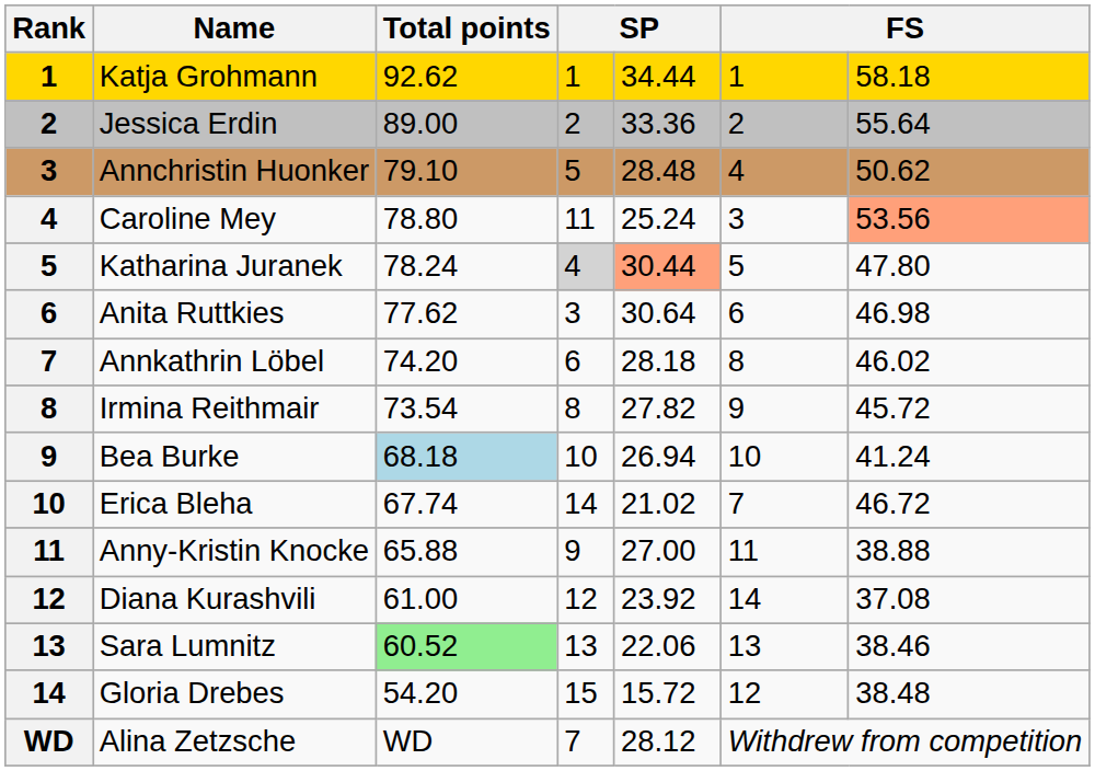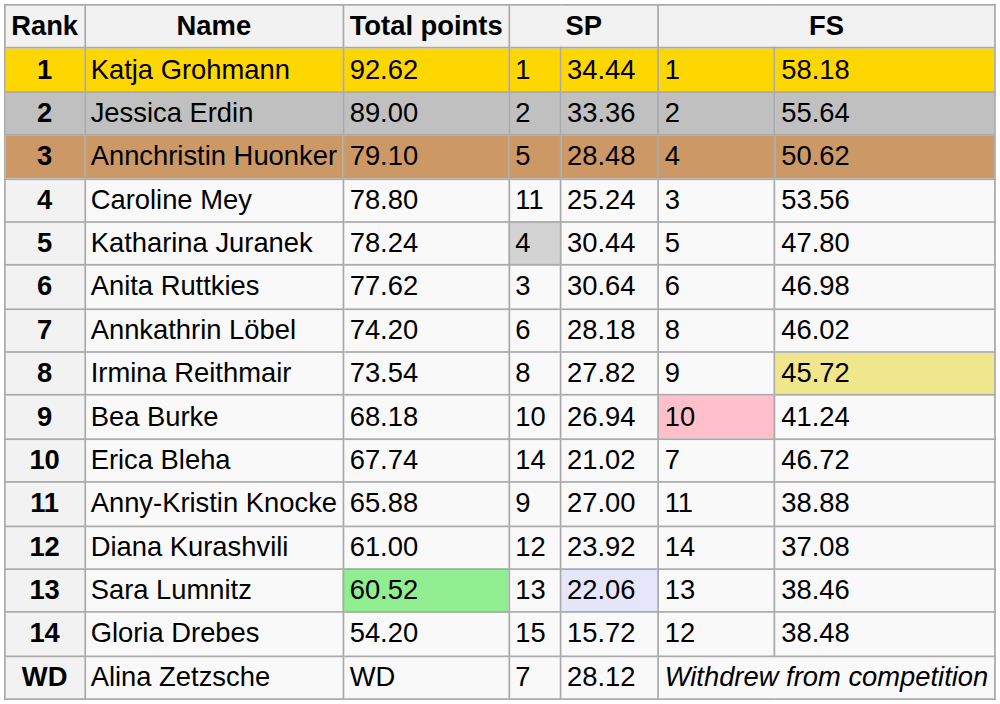 <table class="wikitable">
 <tr>
 <th>Rank</th>
 <th>Name</th>
 <th>Total points</th>
 <th colspan="2" width="80px">SP</th>
 <th colspan="2" width="80px">FS</th>
 </tr>
 <tr bgcolor="gold">
 <td align="center"><strong>1</strong></td>
 <td>Katja Grohmann</td>
 <td>92.62</td>
 <td>1</td>
 <td>34.44</td>
 <td>1</td>
 <td>58.18</td>
 </tr>
 <tr bgcolor="silver">
 <td align="center"><strong>2</strong></td>
 <td>Jessica Erdin</td>
 <td>89.00</td>
 <td>2</td>
 <td>33.36</td>
 <td>2</td>
 <td>55.64</td>
 </tr>
 <tr bgcolor="cc9966">
 <td align="center"><strong>3</strong></td>
 <td>Annchristin Huonker</td>
 <td>79.10</td>
 <td>5</td>
 <td>28.48</td>
 <td>4</td>
 <td>50.62</td>
 </tr>
 <tr>
 <th>4</th>
 <td>Caroline Mey</td>
 <td>78.80</td>
 <td>11</td>
 <td>25.24</td>
 <td>3</td>
-<td style="background: lightsalmon;">53.56</td>
+<td>53.56</td>
 </tr>
 <tr>
 <th>5</th>
 <td>Katharina Juranek</td>
 <td>78.24</td>
 <td style="background: lightgrey;">4</td>
-<td style="background: lightsalmon;">30.44</td>
+<td>30.44</td>
 <td>5</td>
 <td>47.80</td>
 </tr>
 <tr>
 <th>6</th>
 <td>Anita Ruttkies</td>
 <td>77.62</td>
 <td>3</td>
 <td>30.64</td>
 <td>6</td>
 <td>46.98</td>
 </tr>
 <tr>
 <th>7</th>
 <td>Annkathrin Löbel</td>
 <td>74.20</td>
 <td>6</td>
 <td>28.18</td>
 <td>8</td>
 <td>46.02</td>
 </tr>
 <tr>
 <th>8</th>
 <td>Irmina Reithmair</td>
 <td>73.54</td>
 <td>8</td>
 <td>27.82</td>
 <td>9</td>
-<td>45.72</td>
+<td style="background: khaki;">45.72</td>
 </tr>
 <tr>
 <th>9</th>
 <td>Bea Burke</td>
-<td style="background: lightblue;">68.18</td>
+<td>68.18</td>
 <td>10</td>
 <td>26.94</td>
-<td>10</td>
+<td style="background: pink;">10</td>
 <td>41.24</td>
 </tr>
 <tr>
 <th>10</th>
 <td>Erica Bleha</td>
 <td>67.74</td>
 <td>14</td>
 <td>21.02</td>
 <td>7</td>
 <td>46.72</td>
 </tr>
 <tr>
 <th>11</th>
 <td>Anny-Kristin Knocke</td>
 <td>65.88</td>
 <td>9</td>
 <td>27.00</td>
 <td>11</td>
 <td>38.88</td>
 </tr>
 <tr>
 <th>12</th>
 <td>Diana Kurashvili</td>
 <td>61.00</td>
 <td>12</td>
 <td>23.92</td>
 <td>14</td>
 <td>37.08</td>
 </tr>
 <tr>
 <th>13</th>
 <td>Sara Lumnitz</td>
 <td style="background: lightgreen;">60.52</td>
 <td>13</td>
-<td>22.06</td>
+<td style="background: lavender;">22.06</td>
 <td>13</td>
 <td>38.46</td>
 </tr>
 <tr>
 <th>14</th>
 <td>Gloria Drebes</td>
 <td>54.20</td>
 <td>15</td>
 <td>15.72</td>
 <td>12</td>
 <td>38.48</td>
 </tr>
 <tr>
 <th>WD</th>
 <td>Alina Zetzsche</td>
 <td>WD</td>
 <td>7</td>
 <td>28.12</td>
 <td colspan="2"><em>Withdrew from competition</em></td>
 </tr>
 </table>
